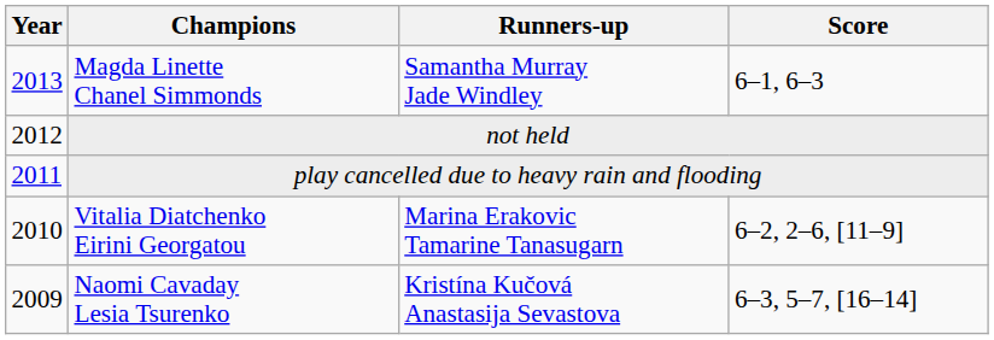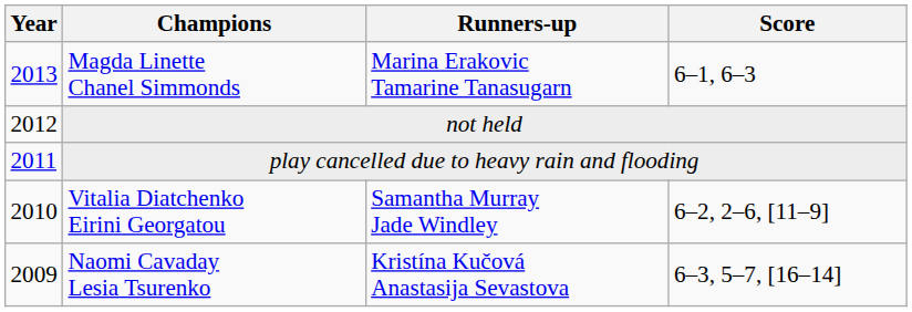 <table class="wikitable">
 <tr>
 <th>Year</th>
 <th width="200">Champions</th>
 <th width="200">Runners-up</th>
 <th width="155">Score</th>
 </tr>
 <tr>
 <td><a href='#'>2013</a></td>
 <td> <a href='#'>Magda Linette</a> <br>  <a href='#'>Chanel Simmonds</a></td>
-<td> <a href='#'>Samantha Murray</a> <br>  <a href='#'>Jade Windley</a></td>
+<td> <a href='#'>Marina Erakovic</a> <br>  <a href='#'>Tamarine Tanasugarn</a></td>
 <td>6–1, 6–3</td>
 </tr>
 <tr>
 <td>2012</td>
 <td colspan=3 align=center style="background:#ededed"><em>not held</em></td>
 </tr>
 <tr>
 <td><a href='#'>2011</a></td>
 <td colspan=3 align=center style="background:#ededed"><em>play cancelled due to heavy rain and flooding</em></td>
 </tr>
 <tr>
 <td>2010</td>
 <td> <a href='#'>Vitalia Diatchenko</a> <br>  <a href='#'>Eirini Georgatou</a></td>
-<td> <a href='#'>Marina Erakovic</a> <br>  <a href='#'>Tamarine Tanasugarn</a></td>
+<td> <a href='#'>Samantha Murray</a> <br>  <a href='#'>Jade Windley</a></td>
 <td>6–2, 2–6, [11–9]</td>
 </tr>
 <tr>
 <td>2009</td>
 <td> <a href='#'>Naomi Cavaday</a> <br>  <a href='#'>Lesia Tsurenko</a></td>
 <td> <a href='#'>Kristína Kučová</a> <br>  <a href='#'>Anastasija Sevastova</a></td>
 <td>6–3, 5–7, [16–14]</td>
 </tr>
 </table>
